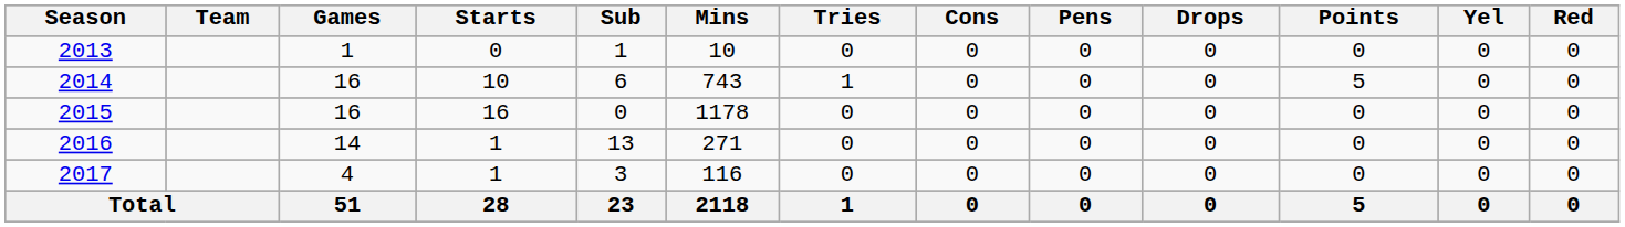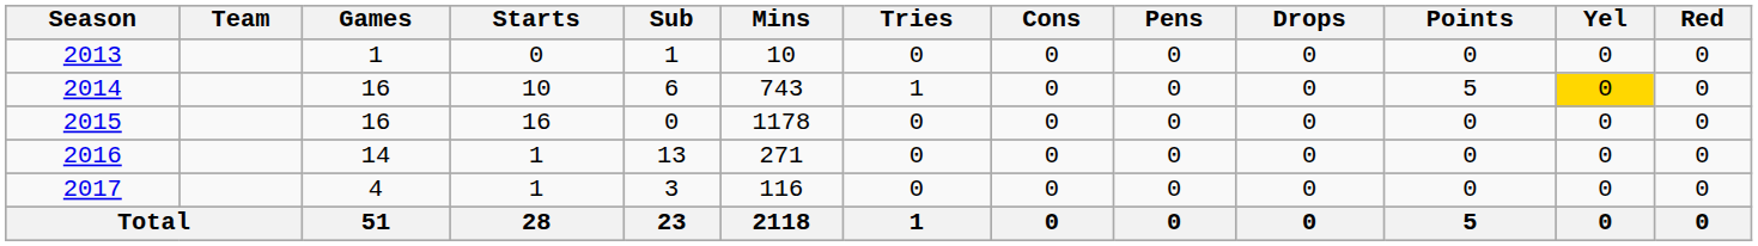 <table class="wikitable" style="text-align:center; line-height:90%; font-size:95%; width:70%;">
 <tr>
 <th>Season</th>
 <th>Team</th>
 <th>Games</th>
 <th>Starts</th>
 <th>Sub</th>
 <th>Mins</th>
 <th>Tries</th>
 <th>Cons</th>
 <th>Pens</th>
 <th>Drops</th>
 <th>Points</th>
 <th>Yel</th>
 <th>Red</th>
 </tr>
 <tr>
 <td><a href='#'>2013</a></td>
 <td></td>
 <td>1</td>
 <td>0</td>
 <td>1</td>
 <td>10</td>
 <td>0</td>
 <td>0</td>
 <td>0</td>
 <td>0</td>
 <td>0</td>
 <td>0</td>
 <td>0</td>
 </tr>
 <tr>
 <td><a href='#'>2014</a></td>
 <td></td>
 <td>16</td>
 <td>10</td>
 <td>6</td>
 <td>743</td>
 <td>1</td>
 <td>0</td>
 <td>0</td>
 <td>0</td>
 <td>5</td>
-<td>0</td>
+<td style="background: gold;">0</td>
 <td>0</td>
 </tr>
 <tr>
 <td><a href='#'>2015</a></td>
 <td></td>
 <td>16</td>
 <td>16</td>
 <td>0</td>
 <td>1178</td>
 <td>0</td>
 <td>0</td>
 <td>0</td>
 <td>0</td>
 <td>0</td>
 <td>0</td>
 <td>0</td>
 </tr>
 <tr>
 <td><a href='#'>2016</a></td>
 <td></td>
 <td>14</td>
 <td>1</td>
 <td>13</td>
 <td>271</td>
 <td>0</td>
 <td>0</td>
 <td>0</td>
 <td>0</td>
 <td>0</td>
 <td>0</td>
 <td>0</td>
 </tr>
 <tr>
 <td><a href='#'>2017</a></td>
 <td></td>
 <td>4</td>
 <td>1</td>
 <td>3</td>
 <td>116</td>
 <td>0</td>
 <td>0</td>
 <td>0</td>
 <td>0</td>
 <td>0</td>
 <td>0</td>
 <td>0</td>
 </tr>
 <tr>
 <th colspan="2">Total</th>
 <th>51</th>
 <th>28</th>
 <th>23</th>
 <th>2118</th>
 <th>1</th>
 <th>0</th>
 <th>0</th>
 <th>0</th>
 <th>5</th>
 <th>0</th>
 <th>0</th>
 </tr>
 </table>
